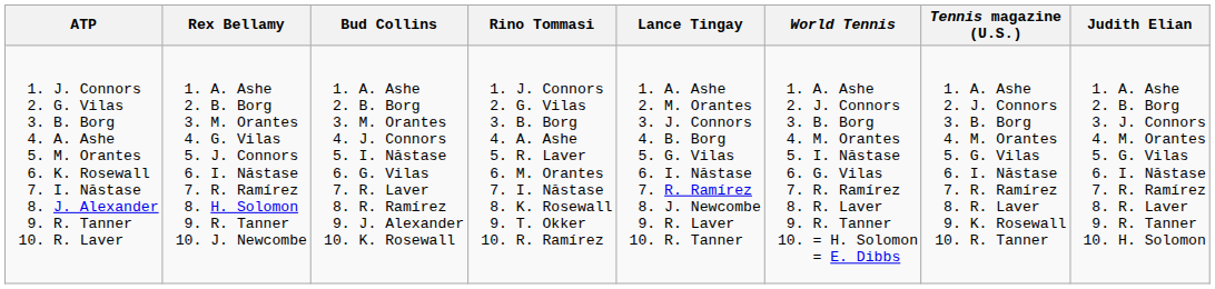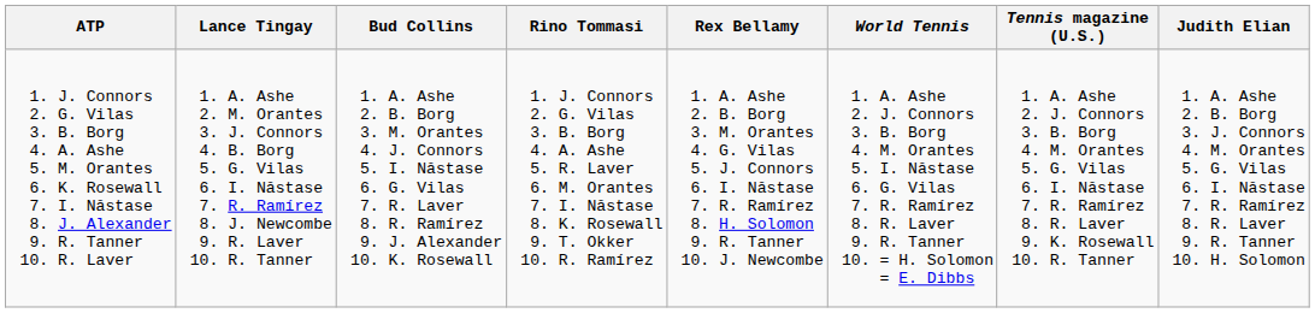 <table class="wikitable">
 <tr>
 <th>ATP</th>
-<th>Rex Bellamy</th>
+<th>Lance Tingay</th>
 <th>Bud Collins</th>
 <th>Rino Tommasi</th>
-<th>Lance Tingay</th>
+<th>Rex Bellamy</th>
 <th><em>World Tennis</em></th>
 <th><em>Tennis</em> magazine<br>(U.S.)</th>
 <th>Judith Elian</th>
 </tr>
 <tr style="vertical-align: top;">
 <td style="white-space: nowrap;"><br><ol><li> J. Connors</li><li> G. Vilas</li><li> B. Borg</li><li> A. Ashe</li><li> M. Orantes</li><li> K. Rosewall</li><li> I. Năstase</li><li>  <a href='#'>J. Alexander</a></li><li> R. Tanner</li><li> R. Laver</li></ol></td>
-<td style="white-space: nowrap;"><br><ol><li> A. Ashe</li><li> B. Borg</li><li> M. Orantes</li><li> G. Vilas</li><li> J. Connors</li><li> I. Năstase</li><li> R. Ramírez</li><li> <a href='#'>H. Solomon</a></li><li> R. Tanner</li><li> J. Newcombe</li></ol></td>
+<td style="white-space: nowrap;"><br><ol><li> A. Ashe</li><li> M. Orantes</li><li> J. Connors</li><li> B. Borg</li><li> G. Vilas</li><li> I. Năstase</li><li> <a href='#'>R. Ramírez</a></li><li> J. Newcombe</li><li> R. Laver</li><li> R. Tanner</li></ol></td>
 <td style="white-space: nowrap;"><br><ol><li> A. Ashe</li><li> B. Borg</li><li> M. Orantes</li><li> J. Connors</li><li> I. Năstase</li><li> G. Vilas</li><li> R. Laver</li><li> R. Ramírez</li><li>  J. Alexander</li><li> K. Rosewall</li></ol></td>
 <td style="white-space: nowrap;"><br><ol><li> J. Connors</li><li> G. Vilas</li><li> B. Borg</li><li> A. Ashe</li><li> R. Laver</li><li> M. Orantes</li><li> I. Năstase</li><li> K. Rosewall</li><li> T. Okker</li><li> R. Ramírez</li></ol></td>
-<td style="white-space: nowrap;"><br><ol><li> A. Ashe</li><li> M. Orantes</li><li> J. Connors</li><li> B. Borg</li><li> G. Vilas</li><li> I. Năstase</li><li> <a href='#'>R. Ramírez</a></li><li> J. Newcombe</li><li> R. Laver</li><li> R. Tanner</li></ol></td>
+<td style="white-space: nowrap;"><br><ol><li> A. Ashe</li><li> B. Borg</li><li> M. Orantes</li><li> G. Vilas</li><li> J. Connors</li><li> I. Năstase</li><li> R. Ramírez</li><li> <a href='#'>H. Solomon</a></li><li> R. Tanner</li><li> J. Newcombe</li></ol></td>
 <td style="white-space: nowrap;"><br><ol><li> A. Ashe</li><li> J. Connors</li><li> B. Borg</li><li> M. Orantes</li><li> I. Năstase</li><li> G. Vilas</li><li> R. Ramírez</li><li> R. Laver</li><li> R. Tanner</li><li>= H. Solomon<br>= <a href='#'>E. Dibbs</a></li></ol></td>
 <td style="white-space: nowrap;"><br><ol><li> A. Ashe</li><li> J. Connors</li><li> B. Borg</li><li> M. Orantes</li><li> G. Vilas</li><li> I. Năstase</li><li> R. Ramírez</li><li> R. Laver</li><li> K. Rosewall</li><li> R. Tanner</li></ol></td>
 <td style="white-space: nowrap;"><br><ol><li> A. Ashe</li><li> B. Borg</li><li> J. Connors</li><li> M. Orantes</li><li> G. Vilas</li><li> I. Năstase</li><li> R. Ramírez</li><li> R. Laver</li><li> R. Tanner</li><li> H. Solomon</li></ol></td>
 </tr>
 </table>
